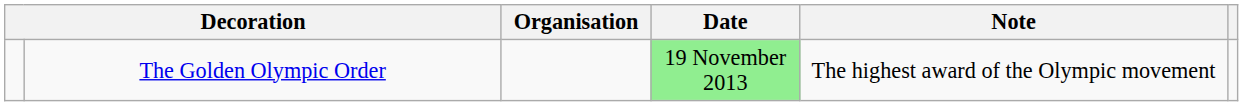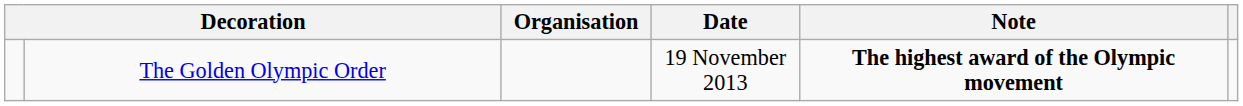 <table class="wikitable sortable" style="text-align:center;">
 <tr>
 <th colspan="2" width="350px">Decoration</th>
 <th width="100px">Organisation</th>
 <th width="100px">Date</th>
 <th width="300px">Note</th>
 <th class="unsortable"></th>
 </tr>
 <tr>
 <td></td>
 <td><a href='#'>The Golden Olympic Order</a></td>
 <td></td>
-<td style="background: lightgreen;">19 November 2013</td>
-<td>The highest award of the Olympic movement</td>
+<td>19 November 2013</td>
+<td><strong>The highest award of the Olympic movement</strong></td>
 <td></td>
 </tr>
 </table>
